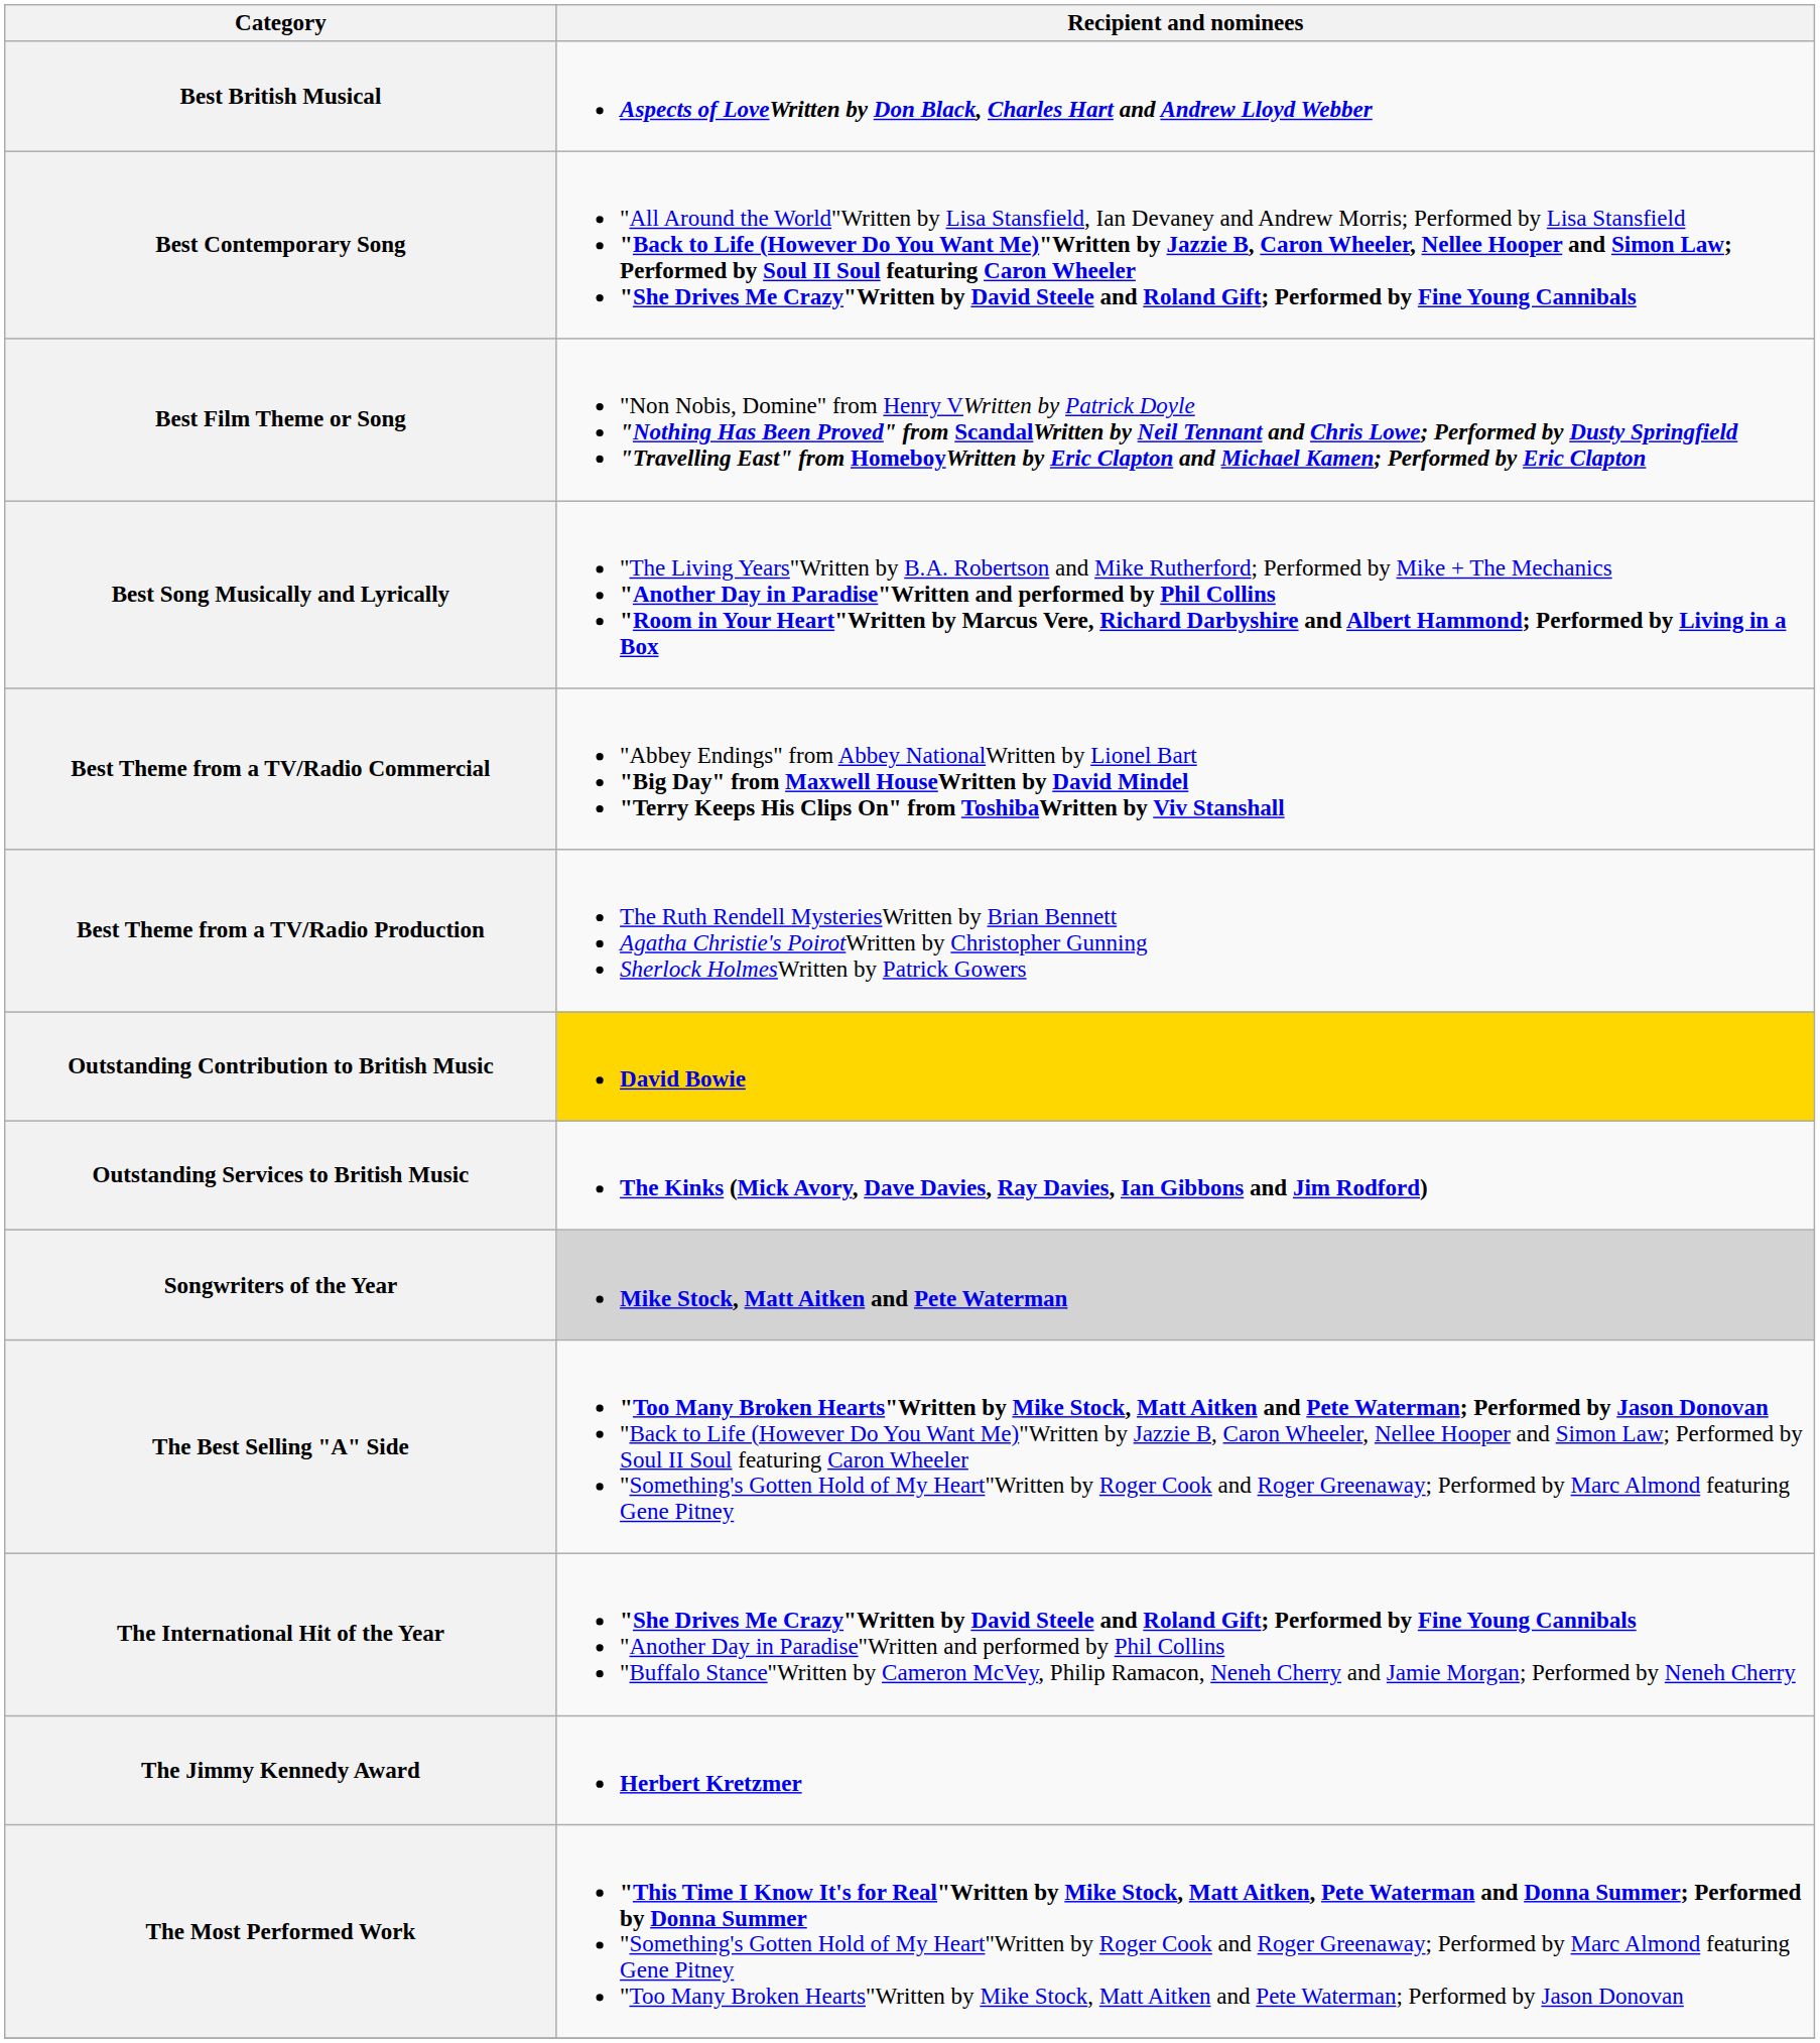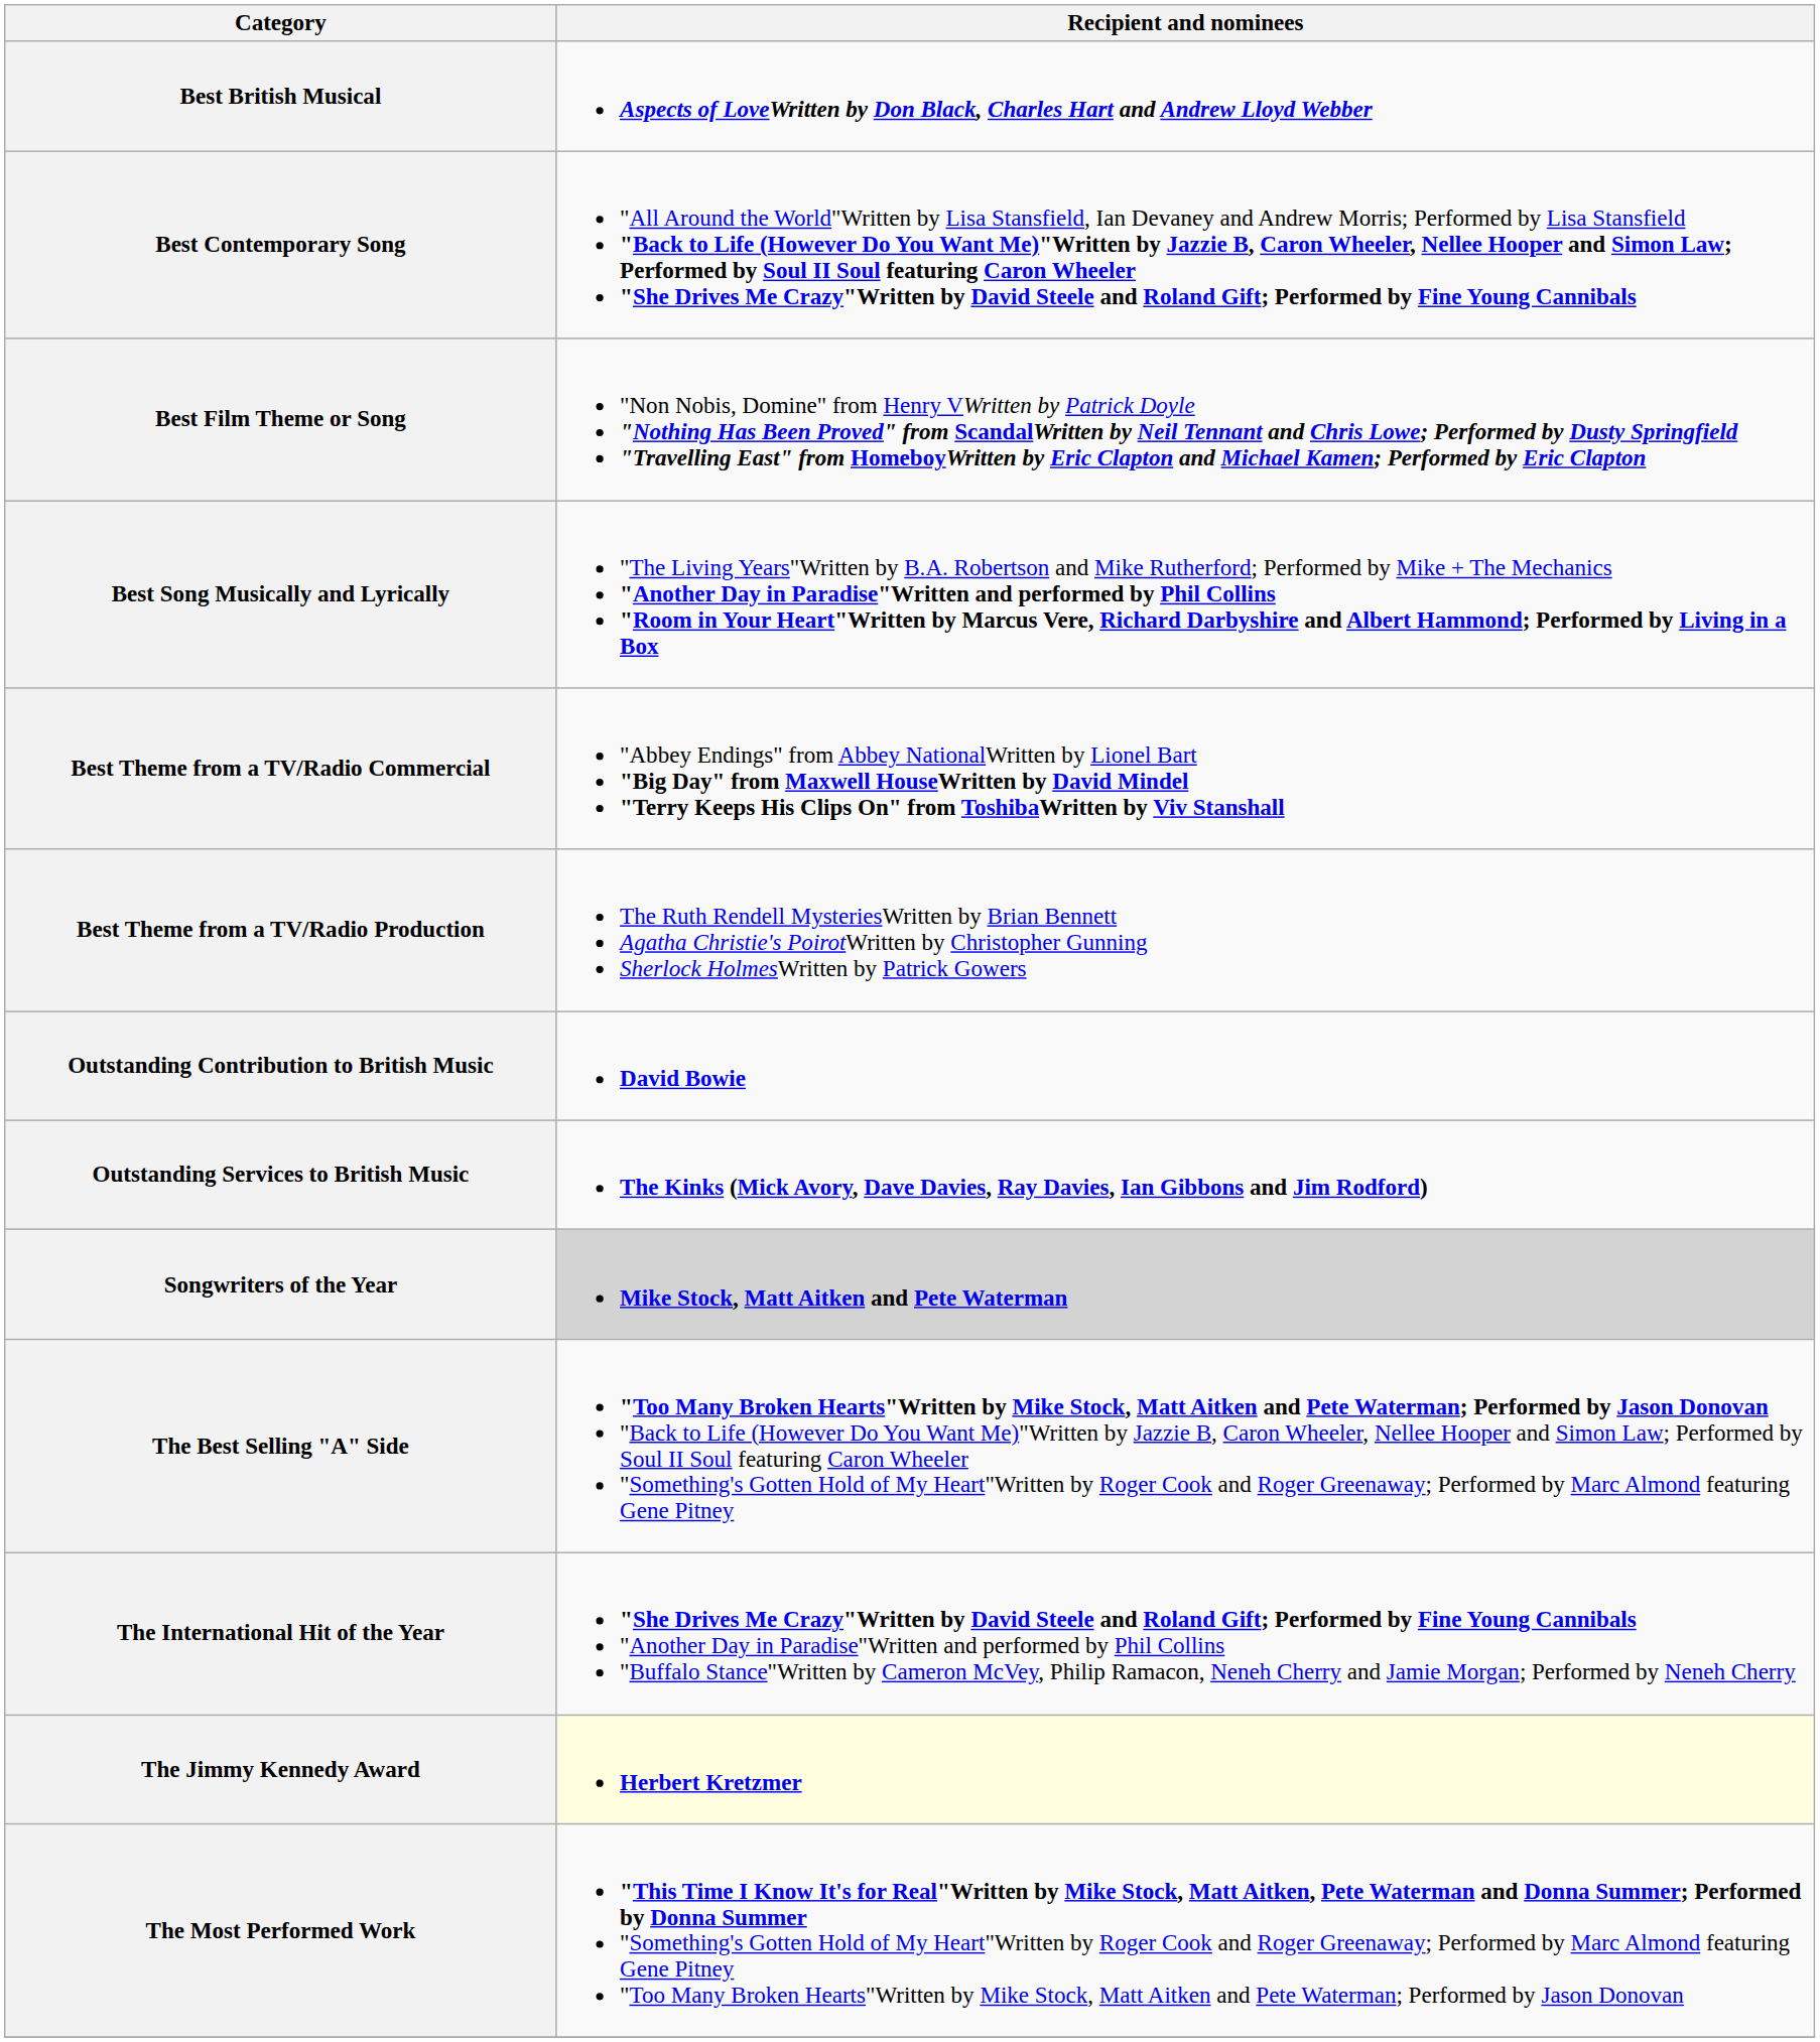 <table class="wikitable">
 <tr>
 <th width="25%">Category</th>
 <th width="57%">Recipient and nominees</th>
 </tr>
 <tr>
 <th scope="row">Best British Musical</th>
 <td><br><ul><li><strong><em><a href='#'>Aspects of Love</a><em>Written by <a href='#'>Don Black</a>, <a href='#'>Charles Hart</a> and <a href='#'>Andrew Lloyd Webber</a><strong></li></ul></td>
 </tr>
 <tr>
 <th scope="row">Best Contemporary Song</th>
 <td><br><ul><li></strong>"<a href='#'>All Around the World</a>"Written by <a href='#'>Lisa Stansfield</a>, Ian Devaney and Andrew Morris; Performed by <a href='#'>Lisa Stansfield</a><strong></li><li>"<a href='#'>Back to Life (However Do You Want Me)</a>"Written by <a href='#'>Jazzie B</a>, <a href='#'>Caron Wheeler</a>, <a href='#'>Nellee Hooper</a> and <a href='#'>Simon Law</a>; Performed by <a href='#'>Soul II Soul</a> featuring <a href='#'>Caron Wheeler</a></li><li>"<a href='#'>She Drives Me Crazy</a>"Written by <a href='#'>David Steele</a> and <a href='#'>Roland Gift</a>; Performed by <a href='#'>Fine Young Cannibals</a></li></ul></td>
 </tr>
 <tr>
 <th scope="row">Best Film Theme or Song</th>
 <td><br><ul><li></strong>"Non Nobis, Domine" from </em><a href='#'>Henry V</a><em>Written by <a href='#'>Patrick Doyle</a><strong></li><li>"<a href='#'>Nothing Has Been Proved</a>" from </em><a href='#'>Scandal</a><em>Written by <a href='#'>Neil Tennant</a> and <a href='#'>Chris Lowe</a>; Performed by <a href='#'>Dusty Springfield</a></li><li>"Travelling East" from </em><a href='#'>Homeboy</a><em>Written by <a href='#'>Eric Clapton</a> and <a href='#'>Michael Kamen</a>; Performed by <a href='#'>Eric Clapton</a></li></ul></td>
 </tr>
 <tr>
 <th scope="row">Best Song Musically and Lyrically</th>
 <td><br><ul><li></strong>"<a href='#'>The Living Years</a>"Written by <a href='#'>B.A. Robertson</a> and <a href='#'>Mike Rutherford</a>; Performed by <a href='#'>Mike + The Mechanics</a><strong></li><li>"<a href='#'>Another Day in Paradise</a>"Written and performed by <a href='#'>Phil Collins</a></li><li>"<a href='#'>Room in Your Heart</a>"Written by Marcus Vere, <a href='#'>Richard Darbyshire</a> and <a href='#'>Albert Hammond</a>; Performed by <a href='#'>Living in a Box</a></li></ul></td>
 </tr>
 <tr>
 <th scope="row">Best Theme from a TV/Radio Commercial</th>
 <td><br><ul><li></strong>"Abbey Endings" from <a href='#'>Abbey National</a>Written by <a href='#'>Lionel Bart</a><strong></li><li>"Big Day" from <a href='#'>Maxwell House</a>Written by <a href='#'>David Mindel</a></li><li>"Terry Keeps His Clips On" from <a href='#'>Toshiba</a>Written by <a href='#'>Viv Stanshall</a></li></ul></td>
 </tr>
 <tr>
 <th scope="row">Best Theme from a TV/Radio Production</th>
 <td><br><ul><li></em></strong><a href='#'>The Ruth Rendell Mysteries</a></em>Written by <a href='#'>Brian Bennett</a></strong></li><li><em><a href='#'>Agatha Christie's Poirot</a></em>Written by <a href='#'>Christopher Gunning</a></li><li><em><a href='#'>Sherlock Holmes</a></em>Written by <a href='#'>Patrick Gowers</a></li></ul></td>
 </tr>
 <tr>
 <th scope="row">Outstanding Contribution to British Music</th>
-<td style="background: gold;"><br><ul><li><strong><a href='#'>David Bowie</a></strong></li></ul></td>
+<td><br><ul><li><strong><a href='#'>David Bowie</a></strong></li></ul></td>
 </tr>
 <tr>
 <th scope="row">Outstanding Services to British Music</th>
 <td><br><ul><li><strong><a href='#'>The Kinks</a> (<a href='#'>Mick Avory</a>, <a href='#'>Dave Davies</a>, <a href='#'>Ray Davies</a>, <a href='#'>Ian Gibbons</a> and <a href='#'>Jim Rodford</a>)</strong></li></ul></td>
 </tr>
 <tr>
 <th scope="row">Songwriters of the Year</th>
 <td style="background: lightgrey;"><br><ul><li><strong><a href='#'>Mike Stock</a>, <a href='#'>Matt Aitken</a> and <a href='#'>Pete Waterman</a></strong></li></ul></td>
 </tr>
 <tr>
 <th scope="row">The Best Selling "A" Side</th>
 <td><br><ul><li><strong>"<a href='#'>Too Many Broken Hearts</a>"Written by <a href='#'>Mike Stock</a>, <a href='#'>Matt Aitken</a> and <a href='#'>Pete Waterman</a>; Performed by <a href='#'>Jason Donovan</a></strong></li><li>"<a href='#'>Back to Life (However Do You Want Me)</a>"Written by <a href='#'>Jazzie B</a>, <a href='#'>Caron Wheeler</a>, <a href='#'>Nellee Hooper</a> and <a href='#'>Simon Law</a>;  Performed by <a href='#'>Soul II Soul</a> featuring <a href='#'>Caron Wheeler</a></li><li>"<a href='#'>Something's Gotten Hold of My Heart</a>"Written by <a href='#'>Roger Cook</a> and <a href='#'>Roger Greenaway</a>; Performed by <a href='#'>Marc Almond</a> featuring <a href='#'>Gene Pitney</a></li></ul></td>
 </tr>
 <tr>
 <th scope="row">The International Hit of the Year</th>
 <td><br><ul><li><strong>"<a href='#'>She Drives Me Crazy</a>"Written by <a href='#'>David Steele</a> and <a href='#'>Roland Gift</a>; Performed by <a href='#'>Fine Young Cannibals</a></strong></li><li>"<a href='#'>Another Day in Paradise</a>"Written and performed by <a href='#'>Phil Collins</a></li><li>"<a href='#'>Buffalo Stance</a>"Written by <a href='#'>Cameron McVey</a>, Philip Ramacon, <a href='#'>Neneh Cherry</a> and <a href='#'>Jamie Morgan</a>; Performed by <a href='#'>Neneh Cherry</a></li></ul></td>
 </tr>
 <tr>
 <th scope="row">The Jimmy Kennedy Award</th>
-<td><br><ul><li><strong><a href='#'>Herbert Kretzmer</a></strong></li></ul></td>
+<td style="background: lightyellow;"><br><ul><li><strong><a href='#'>Herbert Kretzmer</a></strong></li></ul></td>
 </tr>
 <tr>
 <th scope="row">The Most Performed Work</th>
 <td><br><ul><li><strong>"<a href='#'>This Time I Know It's for Real</a>"Written by <a href='#'>Mike Stock</a>, <a href='#'>Matt Aitken</a>, <a href='#'>Pete Waterman</a> and <a href='#'>Donna Summer</a>; Performed by <a href='#'>Donna Summer</a></strong></li><li>"<a href='#'>Something's Gotten Hold of My Heart</a>"Written by <a href='#'>Roger Cook</a> and <a href='#'>Roger Greenaway</a>; Performed by <a href='#'>Marc Almond</a> featuring <a href='#'>Gene Pitney</a></li><li>"<a href='#'>Too Many Broken Hearts</a>"Written by <a href='#'>Mike Stock</a>, <a href='#'>Matt Aitken</a> and <a href='#'>Pete Waterman</a>; Performed by <a href='#'>Jason Donovan</a></li></ul></td>
 </tr>
 <tr>
 </tr>
 </table>
